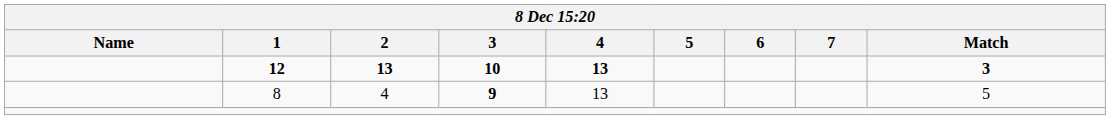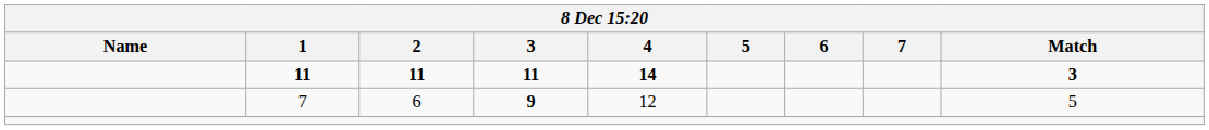 <table class=wikitable style="text-align:center; width: 55%">
 <tr>
 <th colspan=17><em> 8 Dec 15:20</em></th>
 </tr>
 <tr>
 <th>Name</th>
 <th>1</th>
 <th>2</th>
 <th>3</th>
 <th>4</th>
 <th>5</th>
 <th>6</th>
 <th>7</th>
 <th>Match</th>
 </tr>
 <tr>
 <td style="text-align:left;"><strong></strong></td>
-<td><strong>12</strong></td>
-<td><strong>13</strong></td>
-<td><strong>10</strong></td>
-<td><strong>13</strong></td>
+<td><strong>11</strong></td>
+<td><strong>11</strong></td>
+<td><strong>11</strong></td>
+<td><strong>14</strong></td>
 <td></td>
 <td></td>
 <td></td>
 <td><strong>3</strong></td>
 </tr>
 <tr>
 <td style="text-align:left;"></td>
-<td>8</td>
-<td>4</td>
+<td>7</td>
+<td>6</td>
 <td><strong>9</strong></td>
-<td>13</td>
+<td>12</td>
 <td></td>
 <td></td>
 <td></td>
 <td>5</td>
 </tr>
 <tr>
 <td colspan=17></td>
 </tr>
 </table>
